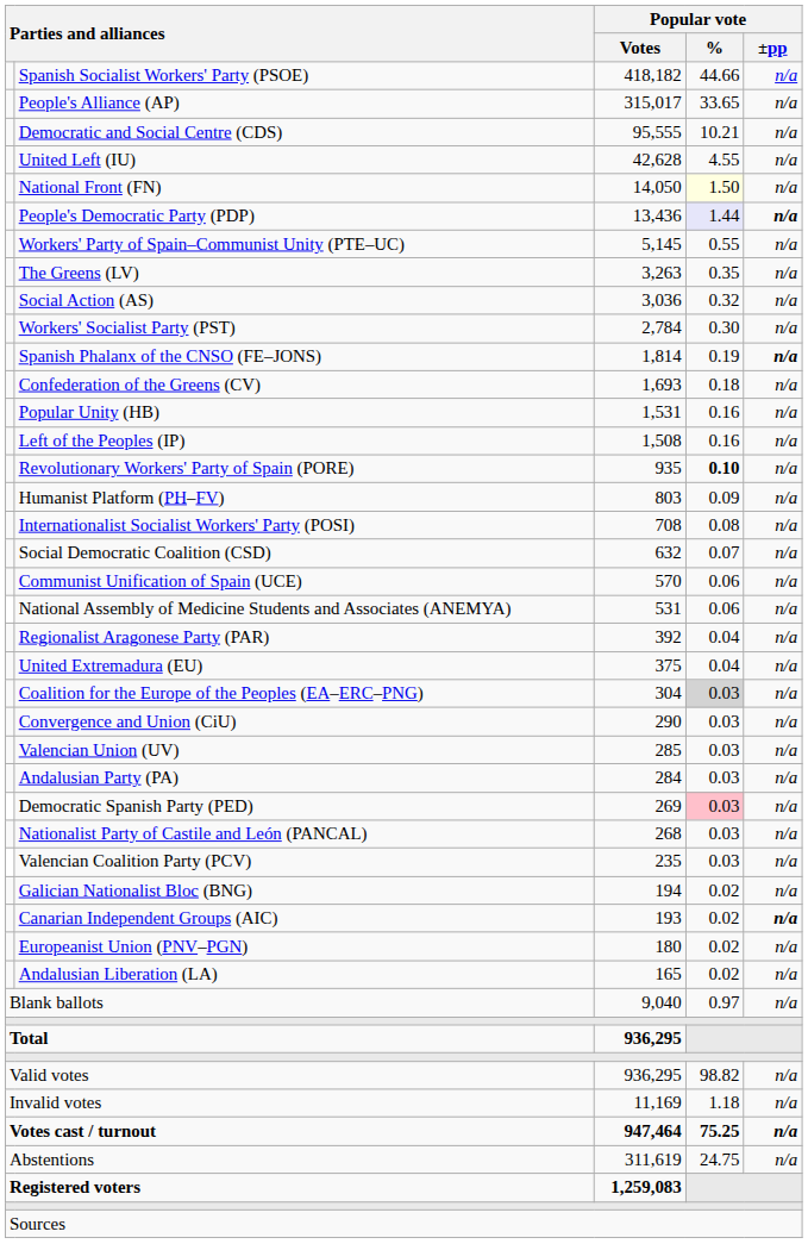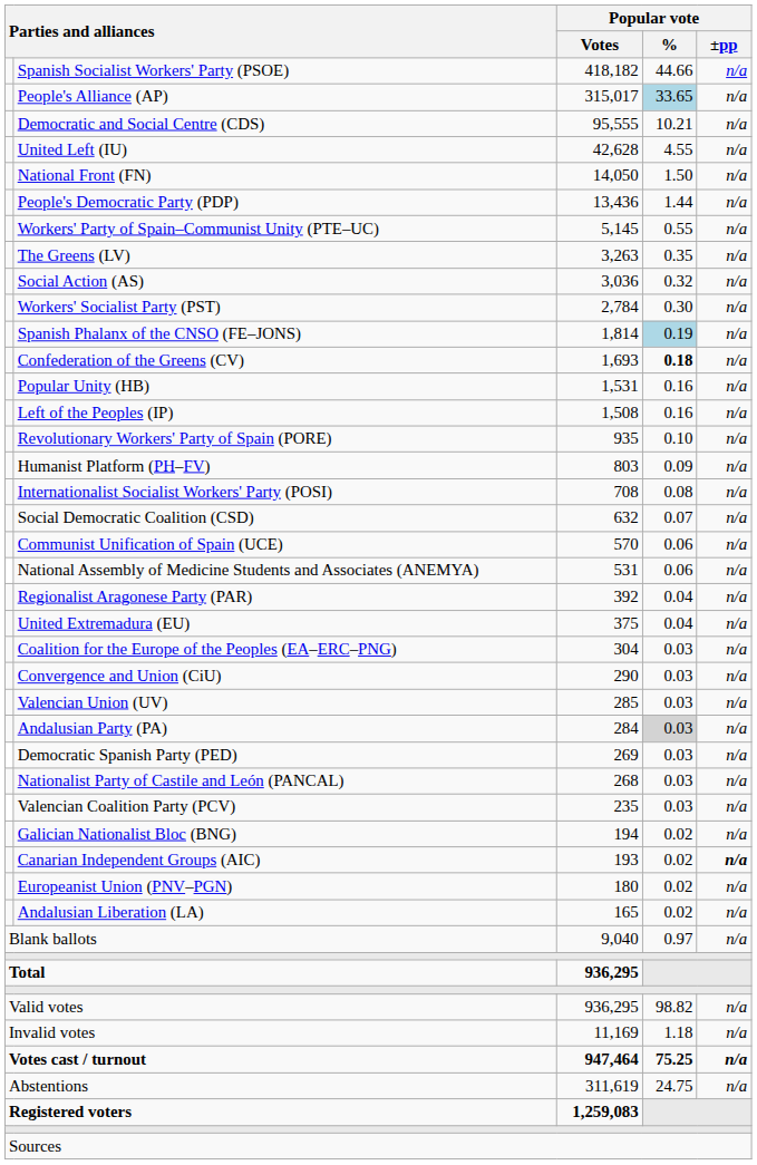 <table class="wikitable" style="text-align:right">
 <tr>
 <th style="text-align:left;" rowspan="2" colspan="2" width="525">Parties and alliances</th>
 <th colspan="3">Popular vote</th>
 </tr>
 <tr>
 <th width="75">Votes</th>
 <th width="45">%</th>
 <th width="45">±<a href='#'>pp</a></th>
 </tr>
 <tr>
 <td width="1" style="color:inherit;background:"></td>
 <td align="left"><a href='#'>Spanish Socialist Workers' Party</a> (PSOE)</td>
 <td>418,182</td>
 <td>44.66</td>
 <td><em><a href='#'>n/a</a></em></td>
 </tr>
 <tr>
 <td style="color:inherit;background:"></td>
 <td align="left"><a href='#'>People's Alliance</a> (AP)</td>
 <td>315,017</td>
-<td>33.65</td>
+<td style="background: lightblue;">33.65</td>
 <td><em>n/a</em></td>
 </tr>
 <tr>
 <td style="color:inherit;background:"></td>
 <td align="left"><a href='#'>Democratic and Social Centre</a> (CDS)</td>
 <td>95,555</td>
 <td>10.21</td>
 <td><em>n/a</em></td>
 </tr>
 <tr>
 <td style="color:inherit;background:"></td>
 <td align="left"><a href='#'>United Left</a> (IU)</td>
 <td>42,628</td>
 <td>4.55</td>
 <td><em>n/a</em></td>
 </tr>
 <tr>
 <td style="color:inherit;background:"></td>
 <td align="left"><a href='#'>National Front</a> (FN)</td>
 <td>14,050</td>
-<td style="background: lightyellow;">1.50</td>
+<td>1.50</td>
 <td><em>n/a</em></td>
 </tr>
 <tr>
 <td style="color:inherit;background:"></td>
 <td align="left"><a href='#'>People's Democratic Party</a> (PDP)</td>
 <td>13,436</td>
-<td style="background: lavender;">1.44</td>
-<td><strong><em>n/a</em></strong></td>
+<td>1.44</td>
+<td><em>n/a</em></td>
 </tr>
 <tr>
 <td style="color:inherit;background:"></td>
 <td align="left"><a href='#'>Workers' Party of Spain–Communist Unity</a> (PTE–UC)</td>
 <td>5,145</td>
 <td>0.55</td>
 <td><em>n/a</em></td>
 </tr>
 <tr>
 <td style="color:inherit;background:"></td>
 <td align="left"><a href='#'>The Greens</a> (LV)</td>
 <td>3,263</td>
 <td>0.35</td>
 <td><em>n/a</em></td>
 </tr>
 <tr>
 <td style="color:inherit;background:"></td>
 <td align="left"><a href='#'>Social Action</a> (AS)</td>
 <td>3,036</td>
 <td>0.32</td>
 <td><em>n/a</em></td>
 </tr>
 <tr>
 <td style="color:inherit;background:"></td>
 <td align="left"><a href='#'>Workers' Socialist Party</a> (PST)</td>
 <td>2,784</td>
 <td>0.30</td>
 <td><em>n/a</em></td>
 </tr>
 <tr>
 <td style="color:inherit;background:"></td>
 <td align="left"><a href='#'>Spanish Phalanx of the CNSO</a> (FE–JONS)</td>
 <td>1,814</td>
-<td>0.19</td>
-<td><strong><em>n/a</em></strong></td>
+<td style="background: lightblue;">0.19</td>
+<td><em>n/a</em></td>
 </tr>
 <tr>
 <td style="color:inherit;background:"></td>
 <td align="left"><a href='#'>Confederation of the Greens</a> (CV)</td>
 <td>1,693</td>
-<td>0.18</td>
+<td><strong>0.18</strong></td>
 <td><em>n/a</em></td>
 </tr>
 <tr>
 <td style="color:inherit;background:"></td>
 <td align="left"><a href='#'>Popular Unity</a> (HB)</td>
 <td>1,531</td>
 <td>0.16</td>
 <td><em>n/a</em></td>
 </tr>
 <tr>
 <td style="color:inherit;background:"></td>
 <td align="left"><a href='#'>Left of the Peoples</a> (IP)</td>
 <td>1,508</td>
 <td>0.16</td>
 <td><em>n/a</em></td>
 </tr>
 <tr>
 <td style="color:inherit;background:"></td>
 <td align="left"><a href='#'>Revolutionary Workers' Party of Spain</a> (PORE)</td>
 <td>935</td>
-<td><strong>0.10</strong></td>
+<td>0.10</td>
 <td><em>n/a</em></td>
 </tr>
 <tr>
 <td style="color:inherit;background:"></td>
 <td align="left">Humanist Platform (<a href='#'>PH</a>–<a href='#'>FV</a>)</td>
 <td>803</td>
 <td>0.09</td>
 <td><em>n/a</em></td>
 </tr>
 <tr>
 <td style="color:inherit;background:"></td>
 <td align="left"><a href='#'>Internationalist Socialist Workers' Party</a> (POSI)</td>
 <td>708</td>
 <td>0.08</td>
 <td><em>n/a</em></td>
 </tr>
 <tr>
 <td style="color:inherit;background:"></td>
 <td align="left">Social Democratic Coalition (CSD)</td>
 <td>632</td>
 <td>0.07</td>
 <td><em>n/a</em></td>
 </tr>
 <tr>
 <td style="color:inherit;background:"></td>
 <td align="left"><a href='#'>Communist Unification of Spain</a> (UCE)</td>
 <td>570</td>
 <td>0.06</td>
 <td><em>n/a</em></td>
 </tr>
 <tr>
 <td bgcolor="white"></td>
 <td align="left">National Assembly of Medicine Students and Associates (ANEMYA)</td>
 <td>531</td>
 <td>0.06</td>
 <td><em>n/a</em></td>
 </tr>
 <tr>
 <td style="color:inherit;background:"></td>
 <td align="left"><a href='#'>Regionalist Aragonese Party</a> (PAR)</td>
 <td>392</td>
 <td>0.04</td>
 <td><em>n/a</em></td>
 </tr>
 <tr>
 <td style="color:inherit;background:"></td>
 <td align="left"><a href='#'>United Extremadura</a> (EU)</td>
 <td>375</td>
 <td>0.04</td>
 <td><em>n/a</em></td>
 </tr>
 <tr>
 <td style="color:inherit;background:"></td>
 <td align="left"><a href='#'>Coalition for the Europe of the Peoples</a> (<a href='#'>EA</a>–<a href='#'>ERC</a>–<a href='#'>PNG</a>)</td>
 <td>304</td>
-<td style="background: lightgrey;">0.03</td>
+<td>0.03</td>
 <td><em>n/a</em></td>
 </tr>
 <tr>
 <td style="color:inherit;background:"></td>
 <td align="left"><a href='#'>Convergence and Union</a> (CiU)</td>
 <td>290</td>
 <td>0.03</td>
 <td><em>n/a</em></td>
 </tr>
 <tr>
 <td style="color:inherit;background:"></td>
 <td align="left"><a href='#'>Valencian Union</a> (UV)</td>
 <td>285</td>
 <td>0.03</td>
 <td><em>n/a</em></td>
 </tr>
 <tr>
 <td style="color:inherit;background:"></td>
 <td align="left"><a href='#'>Andalusian Party</a> (PA)</td>
 <td>284</td>
-<td>0.03</td>
+<td style="background: lightgrey;">0.03</td>
 <td><em>n/a</em></td>
 </tr>
 <tr>
 <td bgcolor="white"></td>
 <td align="left">Democratic Spanish Party (PED)</td>
 <td>269</td>
-<td style="background: pink;">0.03</td>
+<td>0.03</td>
 <td><em>n/a</em></td>
 </tr>
 <tr>
 <td style="color:inherit;background:"></td>
 <td align="left"><a href='#'>Nationalist Party of Castile and León</a> (PANCAL)</td>
 <td>268</td>
 <td>0.03</td>
 <td><em>n/a</em></td>
 </tr>
 <tr>
 <td bgcolor="white"></td>
 <td align="left">Valencian Coalition Party (PCV)</td>
 <td>235</td>
 <td>0.03</td>
 <td><em>n/a</em></td>
 </tr>
 <tr>
 <td style="color:inherit;background:"></td>
 <td align="left"><a href='#'>Galician Nationalist Bloc</a> (BNG)</td>
 <td>194</td>
 <td>0.02</td>
 <td><em>n/a</em></td>
 </tr>
 <tr>
 <td style="color:inherit;background:"></td>
 <td align="left"><a href='#'>Canarian Independent Groups</a> (AIC)</td>
 <td>193</td>
 <td>0.02</td>
 <td><strong><em>n/a</em></strong></td>
 </tr>
 <tr>
 <td style="color:inherit;background:"></td>
 <td align="left"><a href='#'>Europeanist Union</a> (<a href='#'>PNV</a>–<a href='#'>PGN</a>)</td>
 <td>180</td>
 <td>0.02</td>
 <td><em>n/a</em></td>
 </tr>
 <tr>
 <td style="color:inherit;background:"></td>
 <td align="left"><a href='#'>Andalusian Liberation</a> (LA)</td>
 <td>165</td>
 <td>0.02</td>
 <td><em>n/a</em></td>
 </tr>
 <tr>
 <td align="left" colspan="2">Blank ballots</td>
 <td>9,040</td>
 <td>0.97</td>
 <td><em>n/a</em></td>
 </tr>
 <tr>
 <td colspan="5" bgcolor="#E9E9E9"></td>
 </tr>
 <tr style="font-weight:bold;">
 <td align="left" colspan="2">Total</td>
 <td>936,295</td>
 <td bgcolor="#E9E9E9" colspan="2"></td>
 </tr>
 <tr>
 <td colspan="5" bgcolor="#E9E9E9"></td>
 </tr>
 <tr>
 <td align="left" colspan="2">Valid votes</td>
 <td>936,295</td>
 <td>98.82</td>
 <td><em>n/a</em></td>
 </tr>
 <tr>
 <td align="left" colspan="2">Invalid votes</td>
 <td>11,169</td>
 <td>1.18</td>
 <td><em>n/a</em></td>
 </tr>
 <tr style="font-weight:bold;">
 <td align="left" colspan="2">Votes cast / turnout</td>
 <td>947,464</td>
 <td>75.25</td>
 <td><em>n/a</em></td>
 </tr>
 <tr>
 <td align="left" colspan="2">Abstentions</td>
 <td>311,619</td>
 <td>24.75</td>
 <td><em>n/a</em></td>
 </tr>
 <tr style="font-weight:bold;">
 <td align="left" colspan="2">Registered voters</td>
 <td>1,259,083</td>
 <td bgcolor="#E9E9E9" colspan="2"></td>
 </tr>
 <tr>
 <td colspan="5" bgcolor="#E9E9E9"></td>
 </tr>
 <tr>
 <td align="left" colspan="5">Sources</td>
 </tr>
 </table>
